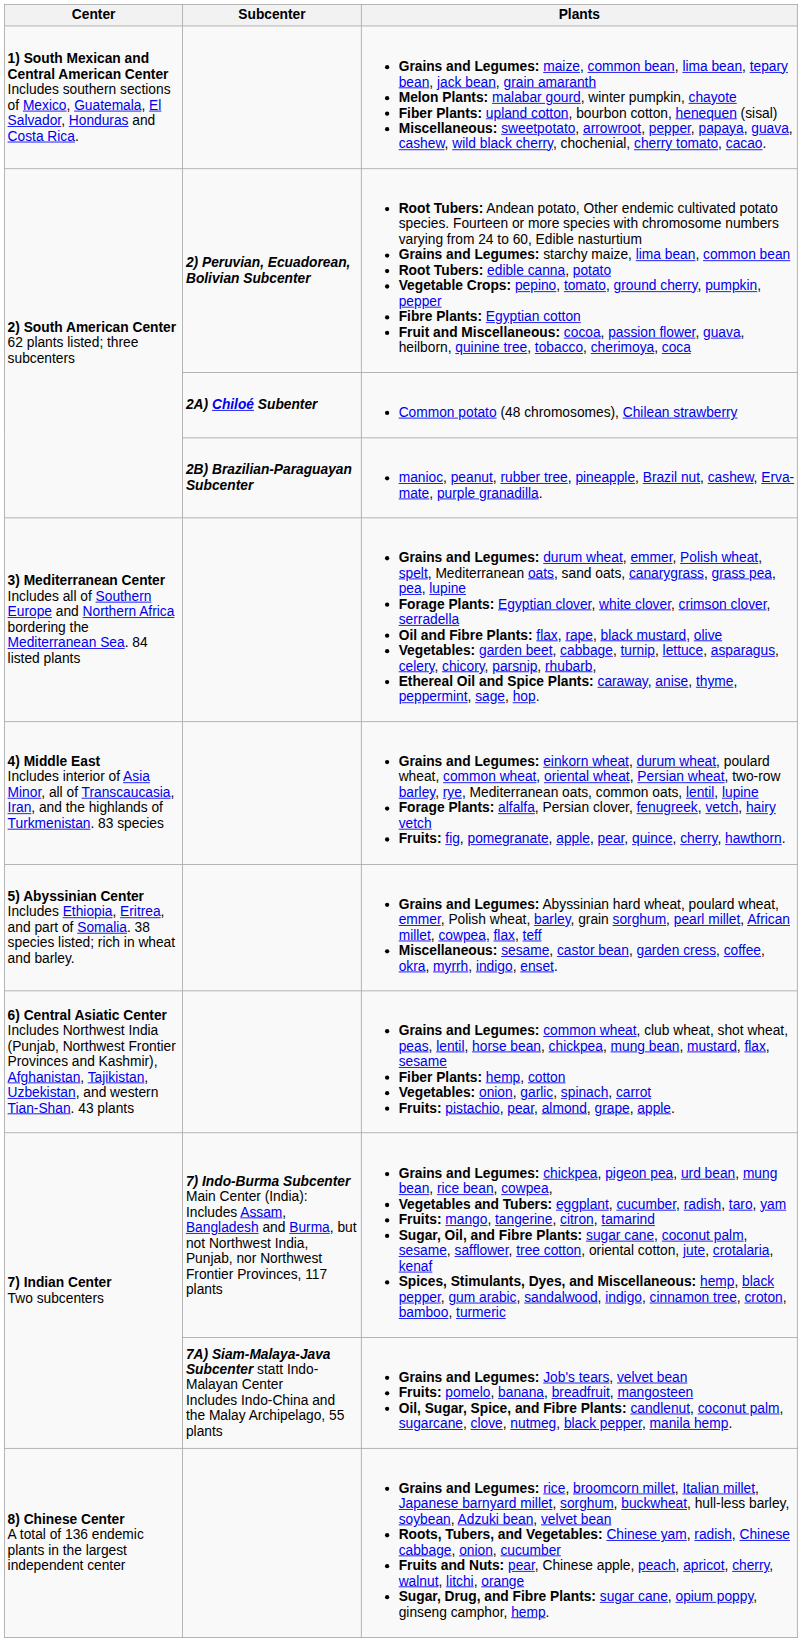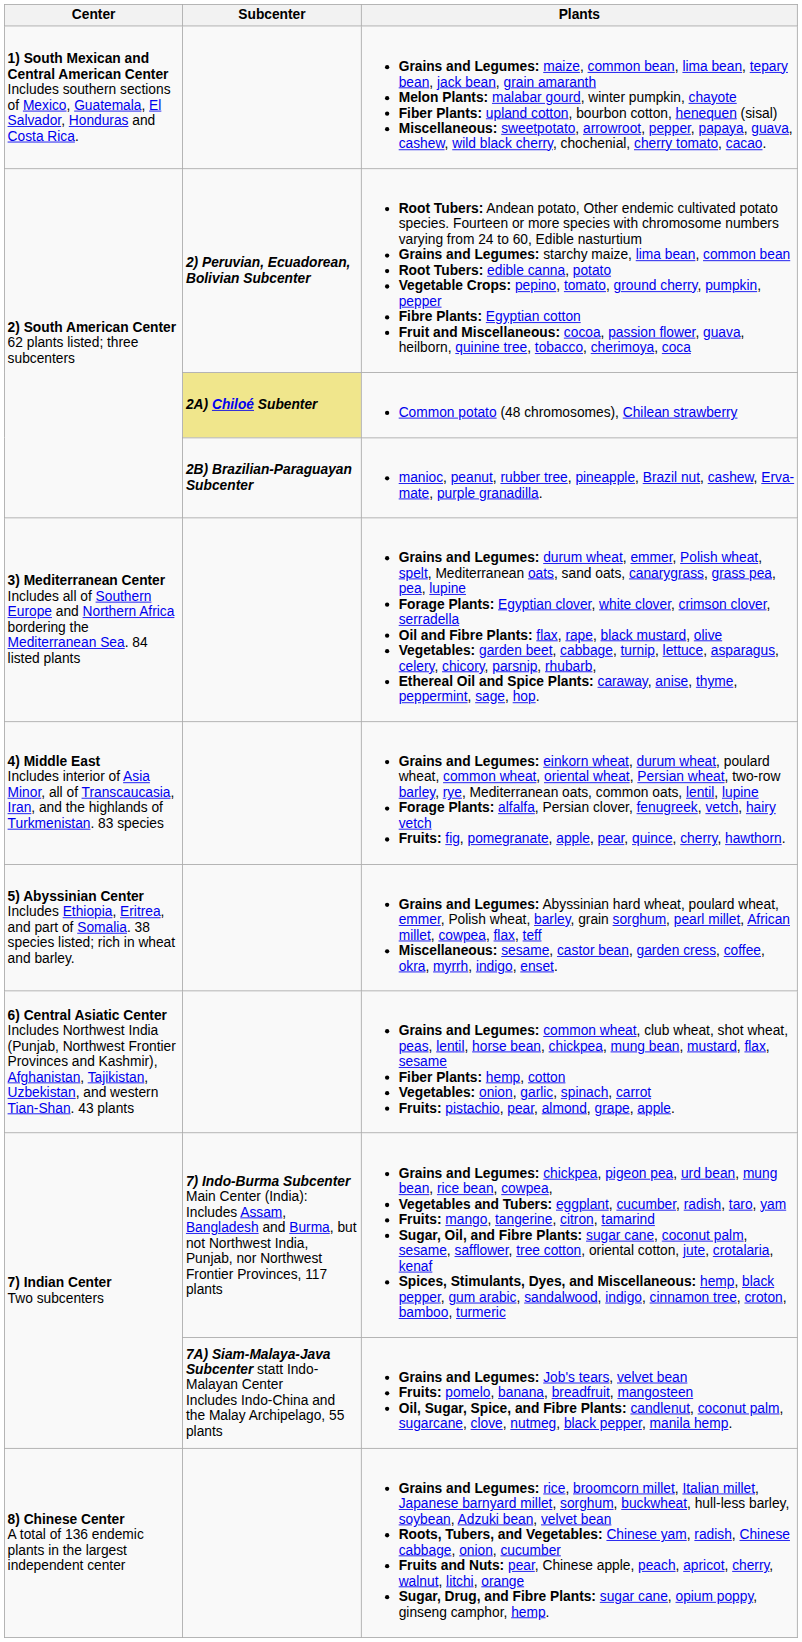 <table class="wikitable">
 <tr>
 <th style="width: 200px;">Center</th>
 <th style="width: 200px;">Subcenter</th>
 <th style="width: 500px;">Plants</th>
 </tr>
 <tr>
 <td><strong>1) South Mexican and Central American Center</strong><br>Includes southern sections of <a href='#'>Mexico</a>, <a href='#'>Guatemala</a>, <a href='#'>El Salvador</a>, <a href='#'>Honduras</a> and <a href='#'>Costa Rica</a>.</td>
 <td></td>
 <td><br><ul><li><strong>Grains and Legumes:</strong> <a href='#'>maize</a>, <a href='#'>common bean</a>, <a href='#'>lima bean</a>, <a href='#'>tepary bean</a>, <a href='#'>jack bean</a>, <a href='#'>grain amaranth</a></li><li><strong>Melon Plants:</strong> <a href='#'>malabar gourd</a>, winter pumpkin, <a href='#'>chayote</a></li><li><strong>Fiber Plants:</strong> <a href='#'>upland cotton</a>, bourbon cotton, <a href='#'>henequen</a> (sisal)</li><li><strong>Miscellaneous:</strong> <a href='#'>sweetpotato</a>, <a href='#'>arrowroot</a>, <a href='#'>pepper</a>, <a href='#'>papaya</a>, <a href='#'>guava</a>, <a href='#'>cashew</a>, <a href='#'>wild black cherry</a>, chochenial, <a href='#'>cherry tomato</a>, <a href='#'>cacao</a>.</li></ul></td>
 </tr>
 <tr>
 <td rowspan=3><strong>2) South American Center</strong><br>62 plants listed; three subcenters</td>
 <td><strong><em>2) Peruvian, Ecuadorean, Bolivian Subcenter</em></strong></td>
 <td><br><ul><li><strong>Root Tubers:</strong> Andean potato, Other endemic cultivated potato species. Fourteen or more species with chromosome numbers varying from 24 to 60, Edible nasturtium</li><li><strong>Grains and Legumes:</strong> starchy maize, <a href='#'>lima bean</a>, <a href='#'>common bean</a></li><li><strong>Root Tubers:</strong> <a href='#'>edible canna</a>, <a href='#'>potato</a></li><li><strong>Vegetable Crops:</strong>  <a href='#'>pepino</a>, <a href='#'>tomato</a>, <a href='#'>ground cherry</a>, <a href='#'>pumpkin</a>, <a href='#'>pepper</a></li><li><strong>Fibre Plants:</strong> <a href='#'>Egyptian cotton</a></li><li><strong>Fruit and Miscellaneous:</strong> <a href='#'>cocoa</a>, <a href='#'>passion flower</a>, <a href='#'>guava</a>, heilborn, <a href='#'>quinine tree</a>, <a href='#'>tobacco</a>, <a href='#'>cherimoya</a>, <a href='#'>coca</a></li></ul></td>
 </tr>
 <tr>
-<td><strong><em>2A) <a href='#'>Chiloé</a> Subenter</em></strong></td>
+<td style="background: khaki;"><strong><em>2A) <a href='#'>Chiloé</a> Subenter</em></strong></td>
 <td><br><ul><li><a href='#'>Common potato</a> (48 chromosomes), <a href='#'>Chilean strawberry</a></li></ul></td>
 </tr>
 <tr>
 <td><strong><em>2B) Brazilian-Paraguayan Subcenter</em></strong></td>
 <td><br><ul><li><a href='#'>manioc</a>, <a href='#'>peanut</a>, <a href='#'>rubber tree</a>, <a href='#'>pineapple</a>, <a href='#'>Brazil nut</a>, <a href='#'>cashew</a>, <a href='#'>Erva-mate</a>, <a href='#'>purple granadilla</a>.</li></ul></td>
 </tr>
 <tr>
 <td><strong>3) Mediterranean Center</strong><br>Includes all of <a href='#'>Southern Europe</a> and <a href='#'>Northern Africa</a> bordering the <a href='#'>Mediterranean Sea</a>. 84 listed plants</td>
 <td></td>
 <td><br><ul><li><strong>Grains and Legumes:</strong> <a href='#'>durum wheat</a>, <a href='#'>emmer</a>, <a href='#'>Polish wheat</a>, <a href='#'>spelt</a>, Mediterranean <a href='#'>oats</a>, sand oats, <a href='#'>canarygrass</a>, <a href='#'>grass pea</a>, <a href='#'>pea</a>, <a href='#'>lupine</a></li><li><strong>Forage Plants:</strong>  <a href='#'>Egyptian clover</a>, <a href='#'>white clover</a>, <a href='#'>crimson clover</a>, <a href='#'>serradella</a></li><li><strong>Oil and Fibre Plants:</strong> <a href='#'>flax</a>, <a href='#'>rape</a>, <a href='#'>black mustard</a>, <a href='#'>olive</a></li><li><strong>Vegetables:</strong> <a href='#'>garden beet</a>, <a href='#'>cabbage</a>, <a href='#'>turnip</a>, <a href='#'>lettuce</a>, <a href='#'>asparagus</a>, <a href='#'>celery</a>, <a href='#'>chicory</a>, <a href='#'>parsnip</a>, <a href='#'>rhubarb</a>,</li><li><strong>Ethereal Oil and Spice Plants:</strong>  <a href='#'>caraway</a>, <a href='#'>anise</a>, <a href='#'>thyme</a>, <a href='#'>peppermint</a>, <a href='#'>sage</a>, <a href='#'>hop</a>.</li></ul></td>
 </tr>
 <tr>
 <td><strong>4) Middle East</strong><br>Includes interior of <a href='#'>Asia Minor</a>, all of <a href='#'>Transcaucasia</a>, <a href='#'>Iran</a>, and the highlands of <a href='#'>Turkmenistan</a>. 83 species</td>
 <td></td>
 <td><br><ul><li><strong>Grains and Legumes:</strong> <a href='#'>einkorn wheat</a>, <a href='#'>durum wheat</a>, poulard wheat, <a href='#'>common wheat</a>, <a href='#'>oriental wheat</a>, <a href='#'>Persian wheat</a>, two-row <a href='#'>barley</a>, <a href='#'>rye</a>, Mediterranean oats, common oats, <a href='#'>lentil</a>, <a href='#'>lupine</a></li><li><strong>Forage Plants:</strong> <a href='#'>alfalfa</a>, Persian clover, <a href='#'>fenugreek</a>, <a href='#'>vetch</a>, <a href='#'>hairy vetch</a></li><li><strong>Fruits:</strong> <a href='#'>fig</a>, <a href='#'>pomegranate</a>, <a href='#'>apple</a>, <a href='#'>pear</a>, <a href='#'>quince</a>, <a href='#'>cherry</a>, <a href='#'>hawthorn</a>.</li></ul></td>
 </tr>
 <tr>
 <td><strong>5) Abyssinian Center</strong><br>Includes <a href='#'>Ethiopia</a>, <a href='#'>Eritrea</a>, and part of <a href='#'>Somalia</a>. 38 species listed; rich in wheat and barley.</td>
 <td></td>
 <td><br><ul><li><strong>Grains and Legumes:</strong> Abyssinian hard wheat, poulard wheat, <a href='#'>emmer</a>, Polish wheat, <a href='#'>barley</a>, grain <a href='#'>sorghum</a>, <a href='#'>pearl millet</a>, <a href='#'>African millet</a>, <a href='#'>cowpea</a>, <a href='#'>flax</a>, <a href='#'>teff</a></li><li><strong>Miscellaneous:</strong> <a href='#'>sesame</a>, <a href='#'>castor bean</a>, <a href='#'>garden cress</a>, <a href='#'>coffee</a>, <a href='#'>okra</a>, <a href='#'>myrrh</a>, <a href='#'>indigo</a>, <a href='#'>enset</a>.</li></ul></td>
 </tr>
 <tr>
 <td><strong>6) Central Asiatic Center</strong><br>Includes Northwest India (Punjab, Northwest Frontier Provinces and Kashmir), <a href='#'>Afghanistan</a>, <a href='#'>Tajikistan</a>, <a href='#'>Uzbekistan</a>, and western <a href='#'>Tian-Shan</a>. 43 plants</td>
 <td></td>
 <td><br><ul><li><strong>Grains and Legumes:</strong> <a href='#'>common wheat</a>, club wheat, shot wheat, <a href='#'>peas</a>, <a href='#'>lentil</a>, <a href='#'>horse bean</a>, <a href='#'>chickpea</a>, <a href='#'>mung bean</a>, <a href='#'>mustard</a>, <a href='#'>flax</a>, <a href='#'>sesame</a></li><li><strong>Fiber Plants:</strong> <a href='#'>hemp</a>, <a href='#'>cotton</a></li><li><strong>Vegetables:</strong> <a href='#'>onion</a>, <a href='#'>garlic</a>, <a href='#'>spinach</a>, <a href='#'>carrot</a></li><li><strong>Fruits:</strong> <a href='#'>pistachio</a>, <a href='#'>pear</a>, <a href='#'>almond</a>, <a href='#'>grape</a>, <a href='#'>apple</a>.</li></ul></td>
 </tr>
 <tr>
 <td rowspan=2><strong>7) Indian Center</strong><br>Two subcenters</td>
 <td><strong><em>7) Indo-Burma Subcenter</em></strong><br>Main Center (India): Includes <a href='#'>Assam</a>, <a href='#'>Bangladesh</a> and <a href='#'>Burma</a>, but not Northwest India, Punjab, nor Northwest Frontier Provinces, 117 plants</td>
 <td><br><ul><li><strong>Grains and Legumes:</strong> <a href='#'>chickpea</a>, <a href='#'>pigeon pea</a>, <a href='#'>urd bean</a>, <a href='#'>mung bean</a>, <a href='#'>rice bean</a>, <a href='#'>cowpea</a>,</li><li><strong>Vegetables and Tubers:</strong> <a href='#'>eggplant</a>, <a href='#'>cucumber</a>, <a href='#'>radish</a>, <a href='#'>taro</a>, <a href='#'>yam</a></li><li><strong>Fruits:</strong>  <a href='#'>mango</a>, <a href='#'>tangerine</a>, <a href='#'>citron</a>, <a href='#'>tamarind</a></li><li><strong>Sugar, Oil, and Fibre Plants:</strong> <a href='#'>sugar cane</a>, <a href='#'>coconut palm</a>, <a href='#'>sesame</a>, <a href='#'>safflower</a>, <a href='#'>tree cotton</a>, oriental cotton, <a href='#'>jute</a>, <a href='#'>crotalaria</a>, <a href='#'>kenaf</a></li><li><strong>Spices, Stimulants, Dyes, and Miscellaneous:</strong>  <a href='#'>hemp</a>, <a href='#'>black pepper</a>, <a href='#'>gum arabic</a>, <a href='#'>sandalwood</a>, <a href='#'>indigo</a>, <a href='#'>cinnamon tree</a>, <a href='#'>croton</a>, <a href='#'>bamboo</a>, <a href='#'>turmeric</a></li></ul></td>
 </tr>
 <tr>
 <td><strong><em>7A) Siam-Malaya-Java Subcenter</em></strong> statt Indo-Malayan Center<br>Includes Indo-China and the Malay Archipelago, 55 plants</td>
 <td><br><ul><li><strong>Grains and Legumes:</strong> <a href='#'>Job's tears</a>, <a href='#'>velvet bean</a></li><li><strong>Fruits:</strong>  <a href='#'>pomelo</a>, <a href='#'>banana</a>, <a href='#'>breadfruit</a>, <a href='#'>mangosteen</a></li><li><strong>Oil, Sugar, Spice, and Fibre Plants:</strong> <a href='#'>candlenut</a>, <a href='#'>coconut palm</a>, <a href='#'>sugarcane</a>, <a href='#'>clove</a>, <a href='#'>nutmeg</a>, <a href='#'>black pepper</a>, <a href='#'>manila hemp</a>.</li></ul></td>
 </tr>
 <tr>
 <td><strong>8) Chinese Center</strong><br>A total of 136 endemic plants in the largest independent center</td>
 <td></td>
 <td><br><ul><li><strong>Grains and Legumes:</strong> <a href='#'>rice</a>, <a href='#'>broomcorn millet</a>, <a href='#'>Italian millet</a>, <a href='#'>Japanese barnyard millet</a>, <a href='#'>sorghum</a>, <a href='#'>buckwheat</a>, hull-less barley, <a href='#'>soybean</a>, <a href='#'>Adzuki bean</a>, <a href='#'>velvet bean</a></li><li><strong>Roots, Tubers, and Vegetables:</strong> <a href='#'>Chinese yam</a>, <a href='#'>radish</a>, <a href='#'>Chinese cabbage</a>, <a href='#'>onion</a>, <a href='#'>cucumber</a></li><li><strong>Fruits and Nuts:</strong> <a href='#'>pear</a>, Chinese apple, <a href='#'>peach</a>, <a href='#'>apricot</a>, <a href='#'>cherry</a>, <a href='#'>walnut</a>, <a href='#'>litchi</a>, <a href='#'>orange</a></li><li><strong>Sugar, Drug, and Fibre Plants:</strong> <a href='#'>sugar cane</a>, <a href='#'>opium poppy</a>, ginseng camphor, <a href='#'>hemp</a>.</li></ul></td>
 </tr>
 </table>
